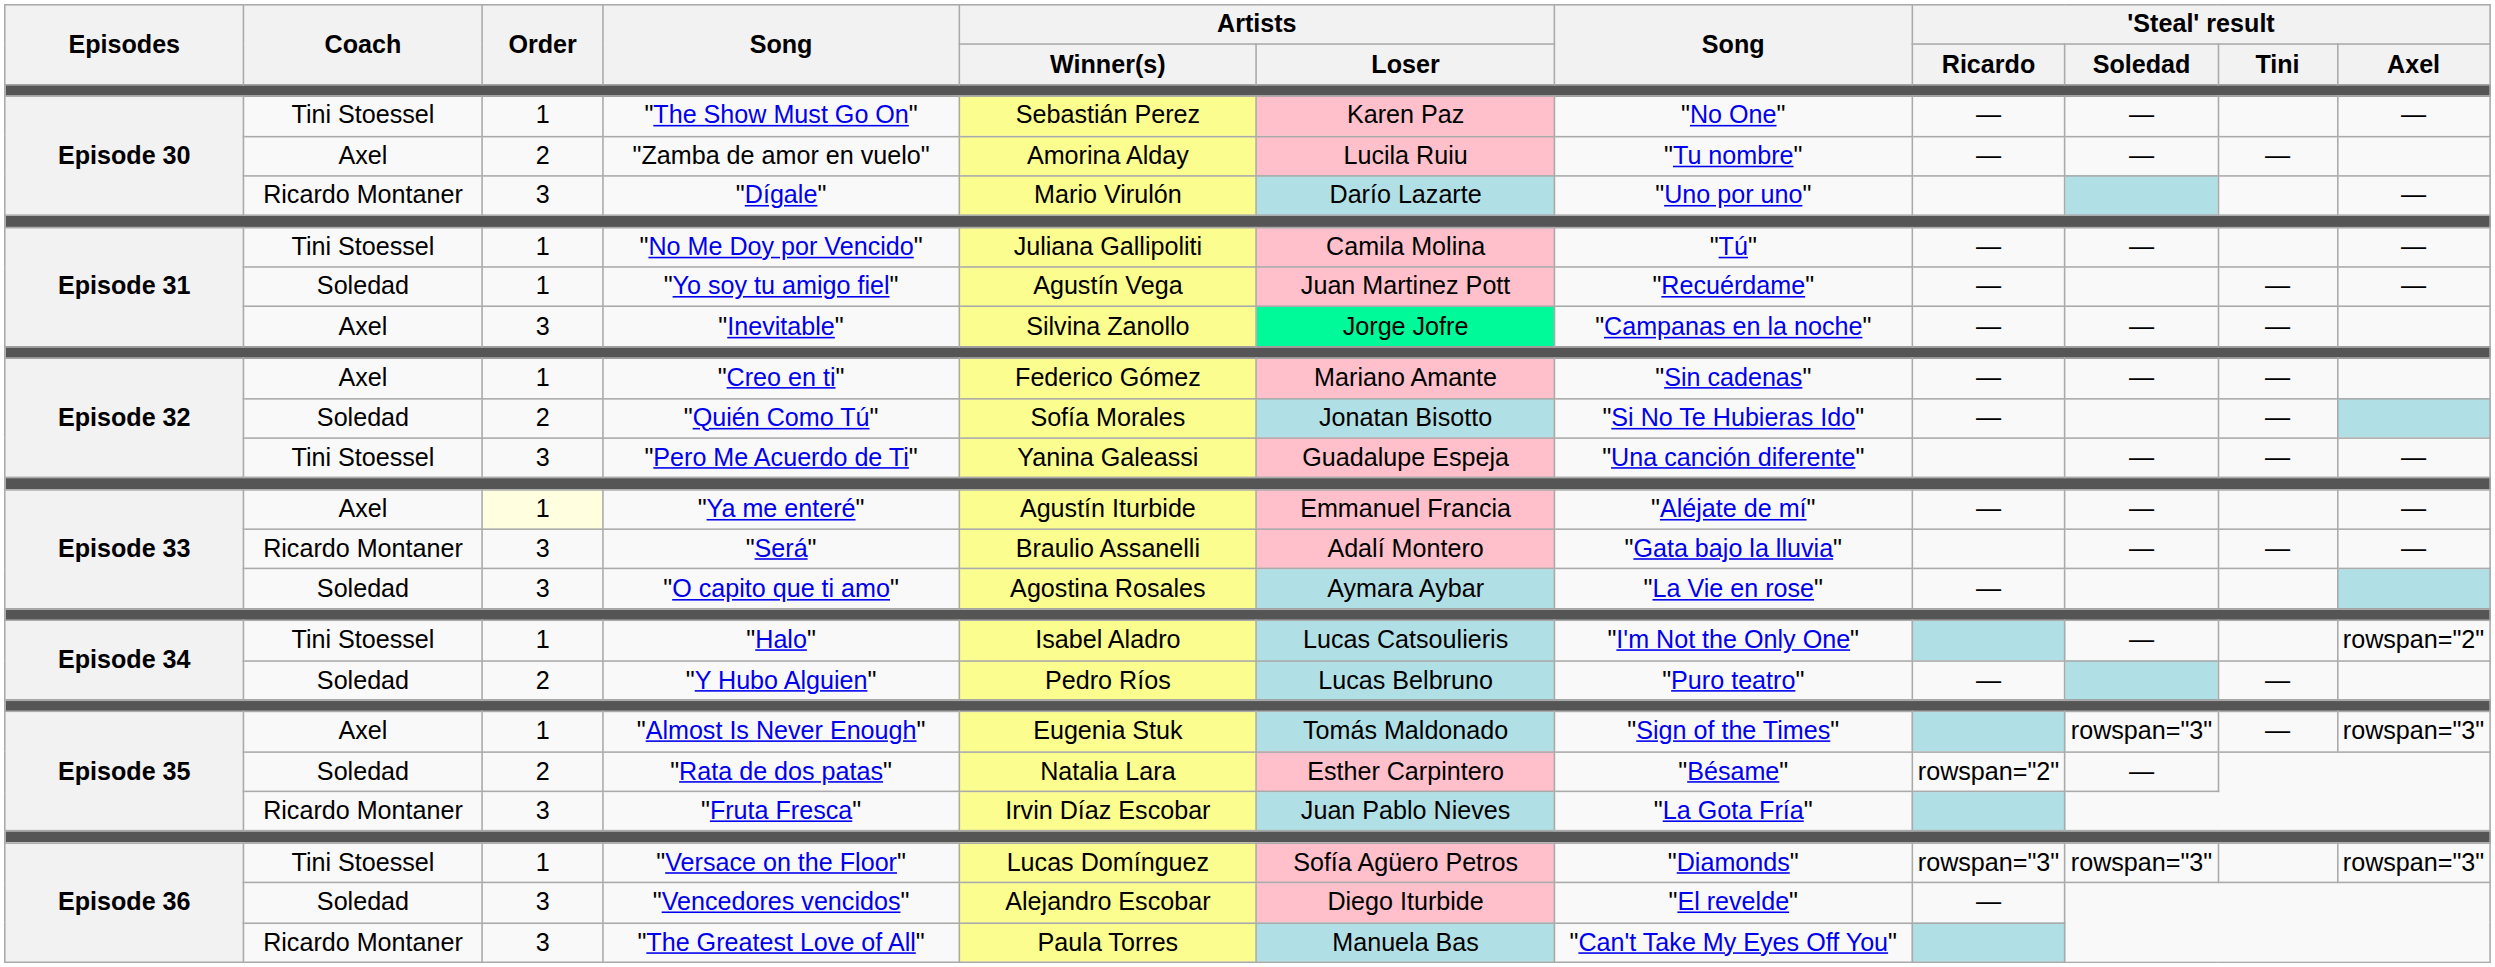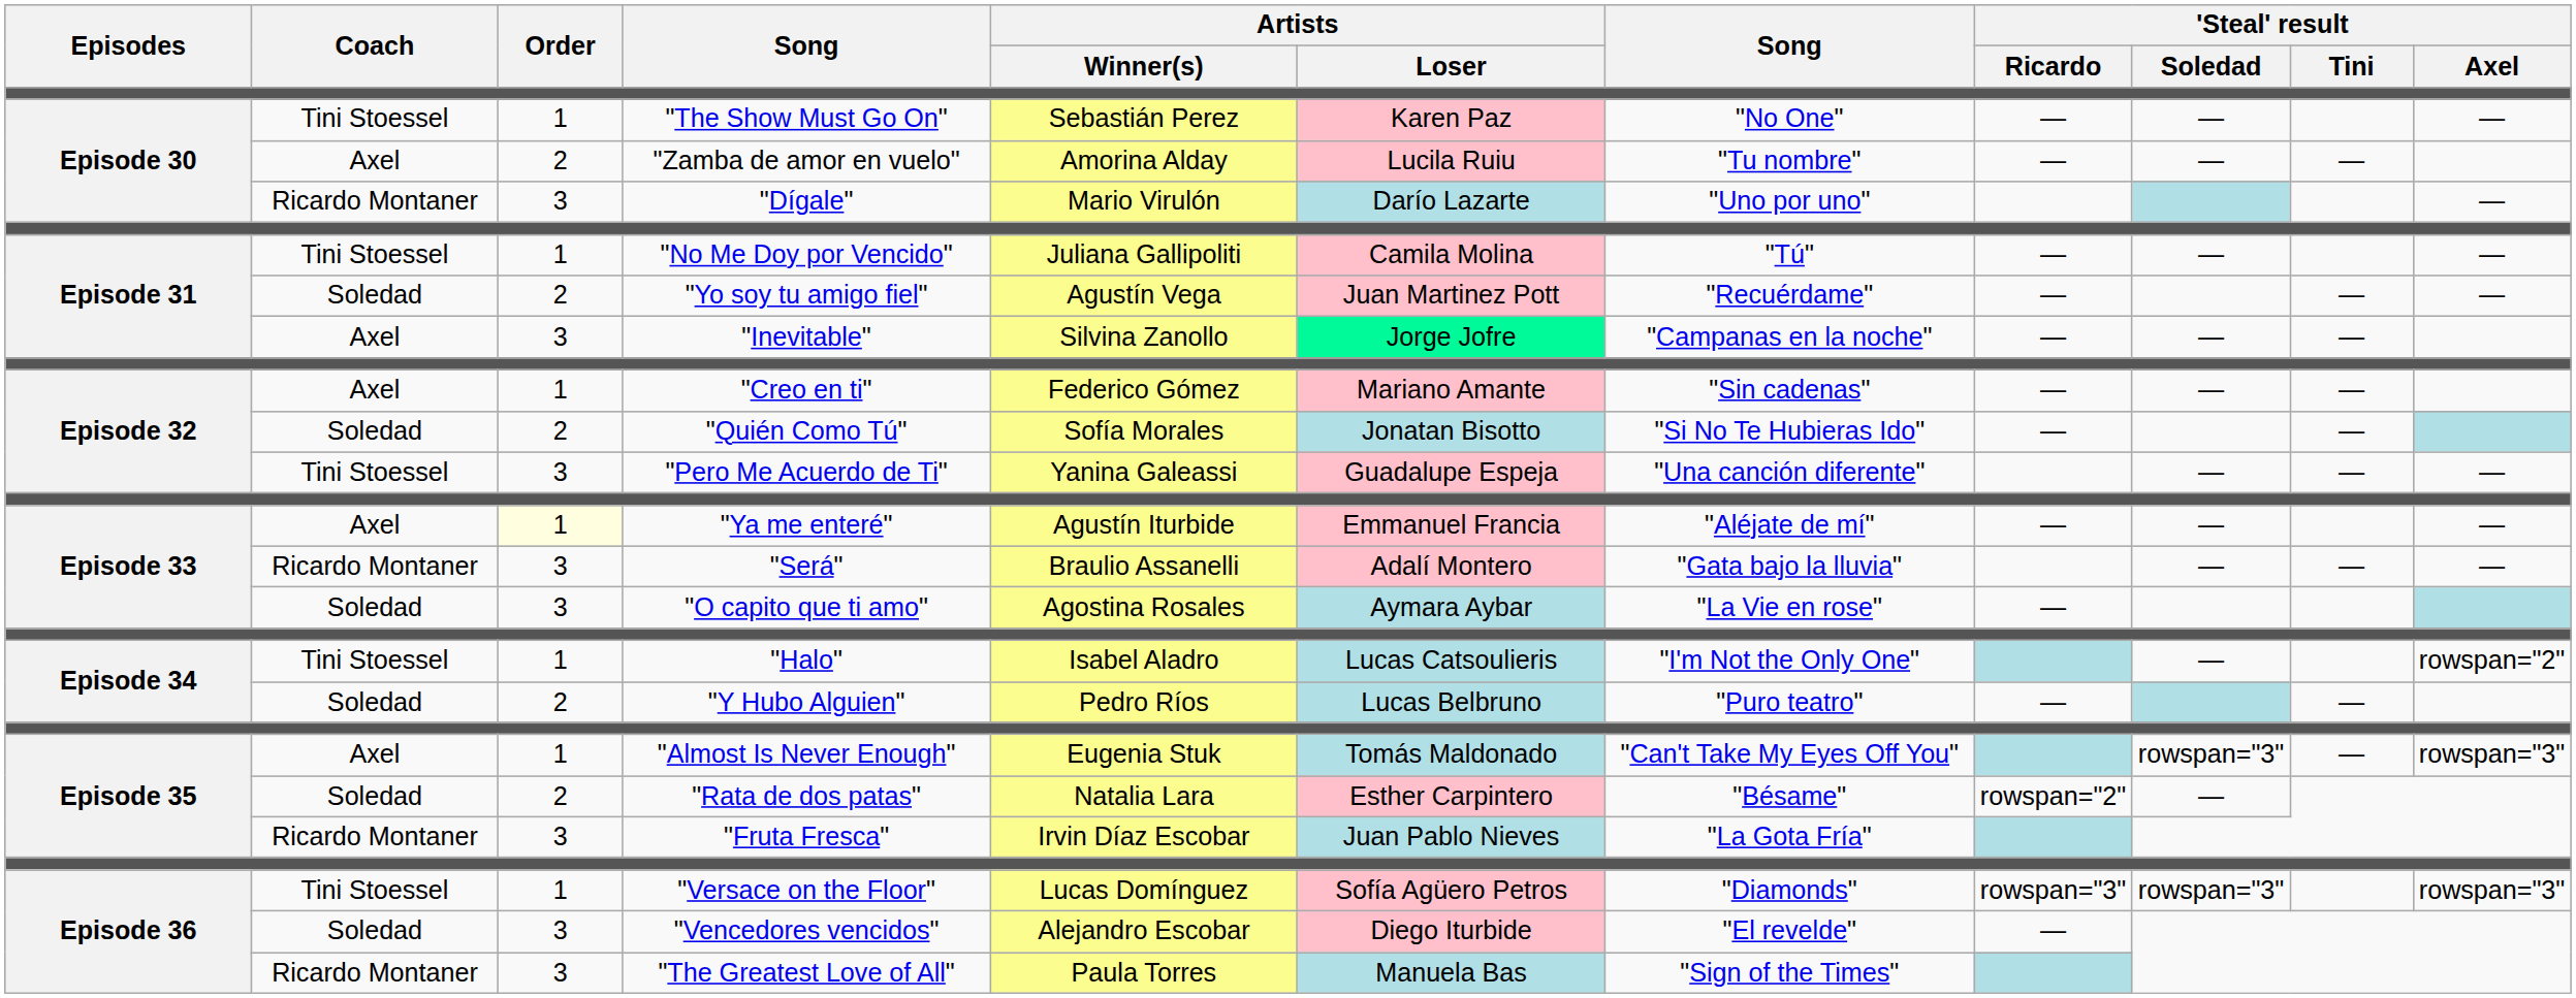 <table class="wikitable" style="text-align: center; width:100%;">
 <tr>
 <th rowspan="2" style="width:10%;">Episodes</th>
 <th rowspan="2" style="width:10%;">Coach</th>
 <th rowspan="2" style="width:05%;">Order</th>
 <th rowspan="2" style="width:15%;">Song</th>
 <th colspan="2" style="width:25%;">Artists</th>
 <th rowspan="2" style="width:15%;">Song</th>
 <th colspan="4" style="width:20%;">'Steal' result</th>
 </tr>
 <tr>
 <th style="width:12.5%;">Winner(s)</th>
 <th style="width:12.5%;">Loser</th>
 <th style="width:05%;">Ricardo</th>
 <th style="width:05%;">Soledad</th>
 <th style="width:05%;">Tini</th>
 <th style="width:05%;">Axel</th>
 </tr>
 <tr>
 <td colspan="11" style="background:#555;"></td>
 </tr>
 <tr>
 <th rowspan="3">Episode 30 <br><small></small></th>
 <td>Tini Stoessel</td>
 <td>1</td>
 <td>"<a href='#'>The Show Must Go On</a>"</td>
 <td style="background:#FCFD8F;">Sebastián Perez</td>
 <td style="background:pink;">Karen Paz</td>
 <td>"<a href='#'>No One</a>"</td>
 <td>—</td>
 <td>—</td>
 <td></td>
 <td>—</td>
 </tr>
 <tr>
 <td>Axel</td>
 <td>2</td>
 <td>"Zamba de amor en vuelo"</td>
 <td style="background:#FCFD8F;">Amorina Alday</td>
 <td style="background:pink;">Lucila Ruiu</td>
 <td>"<a href='#'>Tu nombre</a>"</td>
 <td>—</td>
 <td>—</td>
 <td>—</td>
 <td></td>
 </tr>
 <tr>
 <td>Ricardo Montaner</td>
 <td>3</td>
 <td>"<a href='#'>Dígale</a>"</td>
 <td style="background:#FCFD8F;">Mario Virulón</td>
 <td style="background:#b0e0e6;">Darío Lazarte</td>
 <td>"<a href='#'>Uno por uno</a>"</td>
 <td></td>
 <td bgcolor=#b0e0e6><strong></strong></td>
 <td><strong></strong></td>
 <td>—</td>
 </tr>
 <tr>
 <td colspan="11" style="background:#555;"></td>
 </tr>
 <tr>
 <th rowspan="3">Episode 31 <br><small></small></th>
 <td>Tini Stoessel</td>
 <td>1</td>
 <td>"<a href='#'>No Me Doy por Vencido</a>"</td>
 <td style="background:#FCFD8F;">Juliana Gallipoliti</td>
 <td style="background:pink;">Camila Molina</td>
 <td>"<a href='#'>Tú</a>"</td>
 <td>—</td>
 <td>—</td>
 <td></td>
 <td>—</td>
 </tr>
 <tr>
 <td>Soledad</td>
-<td>1</td>
+<td>2</td>
 <td>"<a href='#'>Yo soy tu amigo fiel</a>"</td>
 <td style="background:#FCFD8F;">Agustín Vega</td>
 <td style="background:pink;">Juan Martinez Pott</td>
 <td>"<a href='#'>Recuérdame</a>"</td>
 <td>—</td>
 <td></td>
 <td>—</td>
 <td>—</td>
 </tr>
 <tr>
 <td>Axel</td>
 <td>3</td>
 <td>"<a href='#'>Inevitable</a>"</td>
 <td style="background:#FCFD8F;">Silvina Zanollo</td>
 <td style="background:#00fa9a">Jorge Jofre</td>
 <td>"<a href='#'>Campanas en la noche</a>"</td>
 <td>—</td>
 <td>—</td>
 <td>—</td>
 <td></td>
 </tr>
 <tr>
 <td colspan="11" style="background:#555;"></td>
 </tr>
 <tr>
 <th rowspan="3">Episode 32 <br><small></small></th>
 <td>Axel</td>
 <td>1</td>
 <td>"<a href='#'>Creo en ti</a>"</td>
 <td style="background:#FCFD8F;">Federico Gómez</td>
 <td style="background:pink;">Mariano Amante</td>
 <td>"<a href='#'>Sin cadenas</a>"</td>
 <td>—</td>
 <td>—</td>
 <td>—</td>
 <td></td>
 </tr>
 <tr>
 <td>Soledad</td>
 <td>2</td>
 <td>"<a href='#'>Quién Como Tú</a>"</td>
 <td style="background:#FCFD8F;">Sofía Morales</td>
 <td style="background:#b0e0e6;">Jonatan Bisotto</td>
 <td>"<a href='#'>Si No Te Hubieras Ido</a>"</td>
 <td>—</td>
 <td></td>
 <td>—</td>
 <td bgcolor=#b0e0e6><strong></strong></td>
 </tr>
 <tr>
 <td>Tini Stoessel</td>
 <td>3</td>
 <td>"<a href='#'>Pero Me Acuerdo de Ti</a>"</td>
 <td style="background:#FCFD8F;">Yanina Galeassi</td>
 <td style="background:pink;">Guadalupe Espeja</td>
 <td>"<a href='#'>Una canción diferente</a>"</td>
 <td></td>
 <td>—</td>
 <td>—</td>
 <td>—</td>
 </tr>
 <tr>
 <td colspan="11" style="background:#555;"></td>
 </tr>
 <tr>
 <th rowspan="3">Episode 33 <br><small></small></th>
 <td>Axel</td>
 <td style="background: lightyellow;">1</td>
 <td>"<a href='#'>Ya me enteré</a>"</td>
 <td style="background:#FCFD8F;">Agustín Iturbide</td>
 <td style="background:pink;">Emmanuel Francia</td>
 <td>"<a href='#'>Aléjate de mí</a>"</td>
 <td>—</td>
 <td>—</td>
 <td></td>
 <td>—</td>
 </tr>
 <tr>
 <td>Ricardo Montaner</td>
 <td>3</td>
 <td>"<a href='#'>Será</a>"</td>
 <td style="background:#FCFD8F;">Braulio Assanelli</td>
 <td style="background:pink;">Adalí Montero</td>
 <td>"<a href='#'>Gata bajo la lluvia</a>"</td>
 <td></td>
 <td>—</td>
 <td>—</td>
 <td>—</td>
 </tr>
 <tr>
 <td>Soledad</td>
 <td>3</td>
 <td>"<a href='#'>O capito que ti amo</a>"</td>
 <td style="background:#FCFD8F;">Agostina Rosales</td>
 <td style="background:#b0e0e6;">Aymara Aybar</td>
 <td>"<a href='#'>La Vie en rose</a>"</td>
 <td>—</td>
 <td></td>
 <td><strong></strong></td>
 <td bgcolor=#b0e0e6><strong></strong></td>
 </tr>
 <tr>
 <td colspan="11" style="background:#555;"></td>
 </tr>
 <tr>
 <th rowspan="2">Episode 34 <br><small></small></th>
 <td>Tini Stoessel</td>
 <td>1</td>
 <td>"<a href='#'>Halo</a>"</td>
 <td style="background:#FCFD8F;">Isabel Aladro</td>
 <td style="background:#b0e0e6;">Lucas Catsoulieris</td>
 <td>"<a href='#'>I'm Not the Only One</a>"</td>
 <td bgcolor=#b0e0e6><strong></strong></td>
 <td>—</td>
 <td></td>
 <td>rowspan="2" </td>
 </tr>
 <tr>
 <td>Soledad</td>
 <td>2</td>
 <td>"<a href='#'>Y Hubo Alguien</a>"</td>
 <td style="background:#FCFD8F;">Pedro Ríos</td>
 <td style="background:#b0e0e6;">Lucas Belbruno</td>
 <td>"<a href='#'>Puro teatro</a>"</td>
 <td>—</td>
 <td bgcolor=#b0e0e6><strong></strong></td>
 <td>—</td>
 </tr>
 <tr>
 <td colspan="11" style="background:#555;"></td>
 </tr>
 <tr>
 <th rowspan="3">Episode 35 <br><small></small></th>
 <td>Axel</td>
 <td>1</td>
 <td>"<a href='#'>Almost Is Never Enough</a>"</td>
 <td style="background:#FCFD8F;">Eugenia Stuk</td>
 <td style="background:#b0e0e6;">Tomás Maldonado</td>
-<td>"<a href='#'>Sign of the Times</a>"</td>
+<td>"<a href='#'>Can't Take My Eyes Off You</a>"</td>
 <td bgcolor=#b0e0e6><strong></strong></td>
 <td>rowspan="3" </td>
 <td>—</td>
 <td>rowspan="3" </td>
 </tr>
 <tr>
 <td>Soledad</td>
 <td>2</td>
 <td>"<a href='#'>Rata de dos patas</a>"</td>
 <td style="background:#FCFD8F;">Natalia Lara</td>
 <td style="background:pink;">Esther Carpintero</td>
 <td>"<a href='#'>Bésame</a>"</td>
 <td>rowspan="2" </td>
 <td>—</td>
 </tr>
 <tr>
 <td>Ricardo Montaner</td>
 <td>3</td>
 <td>"<a href='#'>Fruta Fresca</a>"</td>
 <td style="background:#FCFD8F;">Irvin Díaz Escobar</td>
 <td style="background:#b0e0e6;">Juan Pablo Nieves</td>
 <td>"<a href='#'>La Gota Fría</a>"</td>
 <td bgcolor=#b0e0e6><strong></strong></td>
 </tr>
 <tr>
 <td colspan="11" style="background:#555;"></td>
 </tr>
 <tr>
 <th rowspan="3">Episode 36 <br><small></small></th>
 <td>Tini Stoessel</td>
 <td>1</td>
 <td>"<a href='#'>Versace on the Floor</a>"</td>
 <td style="background:#FCFD8F;">Lucas Domínguez</td>
 <td style="background:pink;">Sofía Agüero Petros</td>
 <td>"<a href='#'>Diamonds</a>"</td>
 <td>rowspan="3" </td>
 <td>rowspan="3" </td>
 <td></td>
 <td>rowspan="3" </td>
 </tr>
 <tr>
 <td>Soledad</td>
 <td>3</td>
 <td>"<a href='#'>Vencedores vencidos</a>"</td>
 <td style="background:#FCFD8F;">Alejandro Escobar</td>
 <td style="background:pink;">Diego Iturbide</td>
 <td>"<a href='#'>El revelde</a>"</td>
 <td>—</td>
 </tr>
 <tr>
 <td>Ricardo Montaner</td>
 <td>3</td>
 <td>"<a href='#'>The Greatest Love of All</a>"</td>
 <td style="background:#FCFD8F;">Paula Torres</td>
 <td style="background:#b0e0e6;">Manuela Bas</td>
-<td>"<a href='#'>Can't Take My Eyes Off You</a>"</td>
+<td>"<a href='#'>Sign of the Times</a>"</td>
 <td bgcolor=#b0e0e6><strong></strong></td>
 </tr>
 <tr>
 </tr>
 </table>
